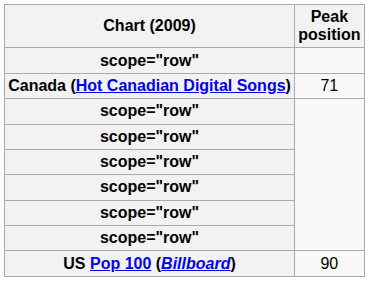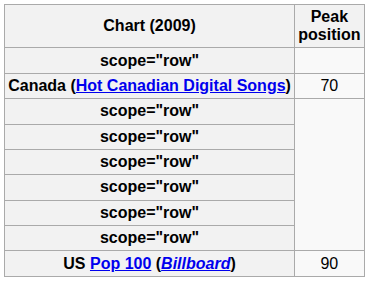 <table class="wikitable sortable plainrowheaders">
 <tr>
 <th scope="col">Chart (2009)</th>
 <th scope="col">Peak<br>position</th>
 </tr>
 <tr>
 <th>scope="row"</th>
 </tr>
 <tr>
 <th scope="row">Canada (<a href='#'>Hot Canadian Digital Songs</a>)</th>
-<td align="center">71</td>
+<td align="center">70</td>
 </tr>
 <tr>
 <th>scope="row"</th>
 </tr>
 <tr>
 <th>scope="row"</th>
 </tr>
 <tr>
 <th>scope="row"</th>
 </tr>
 <tr>
 <th>scope="row"</th>
 </tr>
 <tr>
 <th>scope="row"</th>
 </tr>
 <tr>
 <th>scope="row"</th>
 </tr>
 <tr>
 <th scope="row">US <a href='#'>Pop 100</a> (<em><a href='#'>Billboard</a></em>)</th>
 <td align="center">90</td>
 </tr>
 </table>
